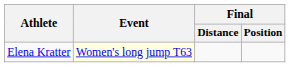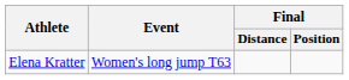 <table class=wikitable style="font-size:90%">
 <tr>
 <th rowspan="2">Athlete</th>
 <th rowspan="2">Event</th>
 <th colspan="2">Final</th>
 </tr>
 <tr style="font-size:95%">
 <th>Distance</th>
 <th>Position</th>
 </tr>
 <tr align=center>
 <td align=left><a href='#'>Elena Kratter</a></td>
-<td align=left style="background: lightyellow;"><a href='#'>Women's long jump T63</a></td>
+<td align=left><a href='#'>Women's long jump T63</a></td>
 <td></td>
 <td></td>
 </tr>
 </table>
